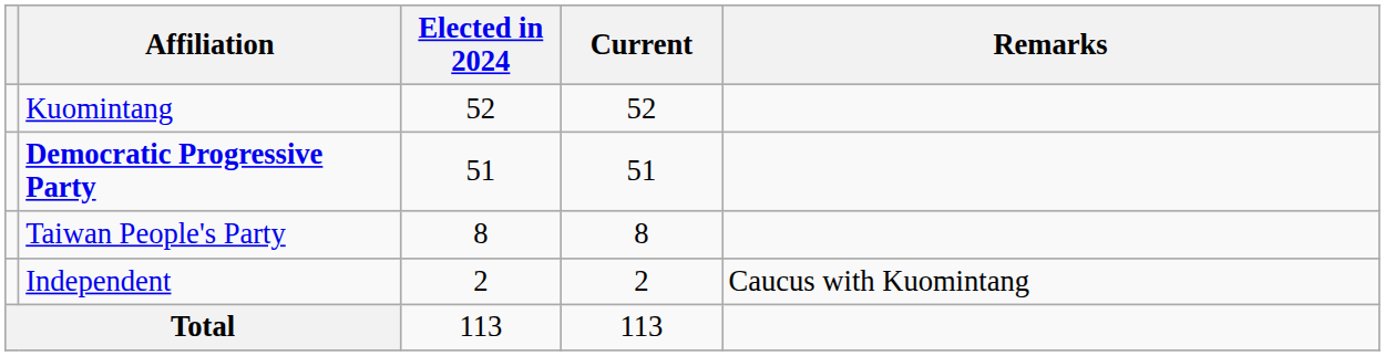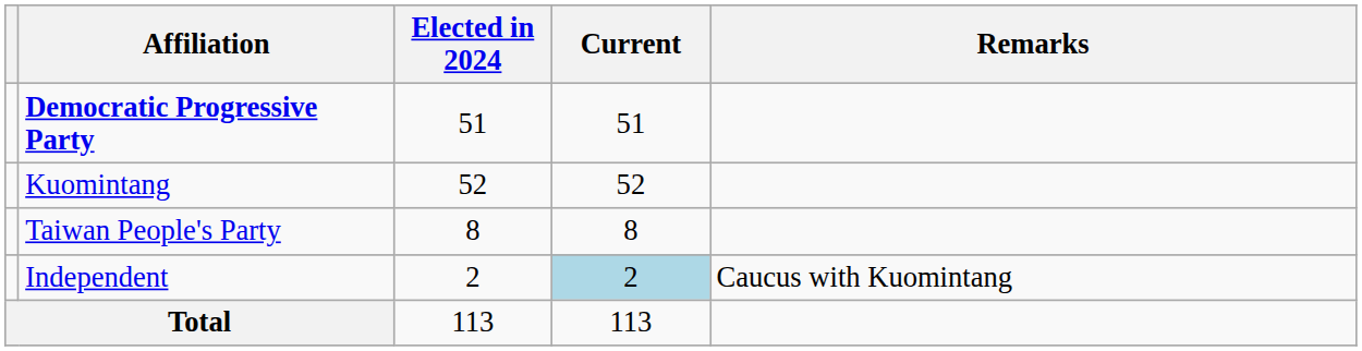 <table class="wikitable" style="text-align:center;">
 <tr>
 <th></th>
 <th width="200">Affiliation</th>
 <th width="080"><a href='#'>Elected in 2024</a></th>
 <th width="080">Current</th>
 <th width="350">Remarks</th>
 </tr>
 <tr>
 <td style="background-color: "></td>
-<td align="left"><a href='#'>Kuomintang</a></td>
-<td>52</td>
-<td>52</td>
+<td align="left"><strong><a href='#'>Democratic Progressive Party</a></strong></td>
+<td>51</td>
+<td>51</td>
 <td align="left"></td>
 </tr>
 <tr>
 <td style="background-color: "></td>
-<td align="left"><strong><a href='#'>Democratic Progressive Party</a></strong></td>
-<td>51</td>
-<td>51</td>
+<td align="left"><a href='#'>Kuomintang</a></td>
+<td>52</td>
+<td>52</td>
 <td align="left"></td>
 </tr>
 <tr>
 <td style="background-color: "></td>
 <td align="left"><a href='#'>Taiwan People's Party</a></td>
 <td>8</td>
 <td>8</td>
 <td align="left"></td>
 </tr>
 <tr>
 <td style="background-color: "></td>
 <td align="left"><a href='#'>Independent</a></td>
 <td>2</td>
-<td>2</td>
+<td style="background: lightblue;">2</td>
 <td align="left">Caucus with Kuomintang</td>
 </tr>
 <tr>
 <th colspan="2">Total</th>
 <td>113</td>
 <td>113</td>
 <td></td>
 </tr>
 </table>
